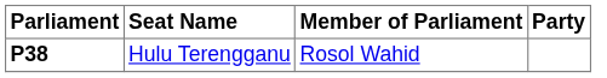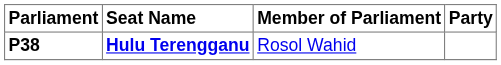 <table class="toccolours sortable" border="1" cellpadding="3" style="border-collapse:collapse; text-align: left;">
 <tr>
 <th align="center">Parliament</th>
 <th>Seat Name</th>
 <th>Member of Parliament</th>
 <th>Party</th>
 </tr>
 <tr>
 <th align="left">P38</th>
-<td><a href='#'>Hulu Terengganu</a></td>
+<td><strong><a href='#'>Hulu Terengganu</a></strong></td>
 <td><a href='#'>Rosol Wahid</a></td>
 <td></td>
 </tr>
 <tr>
 </tr>
 </table>
